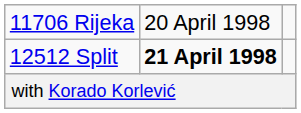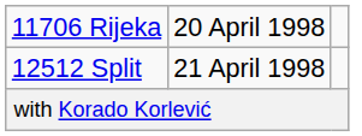 <table class="wikitable floatright" style="font-size: 0.9em;">
 <tr>
 <td><a href='#'>11706 Rijeka</a></td>
 <td>20 April 1998</td>
 <td> </td>
 </tr>
 <tr>
 <td><a href='#'>12512 Split</a></td>
-<td><strong>21 April 1998</strong></td>
+<td>21 April 1998</td>
 <td> </td>
 </tr>
 <tr>
 <th colspan=3 style="font-weight: normal; font-size: smaller; text-align: left; padding: 4px;"> with <a href='#'>Korado Korlević</a></th>
 </tr>
 </table>
